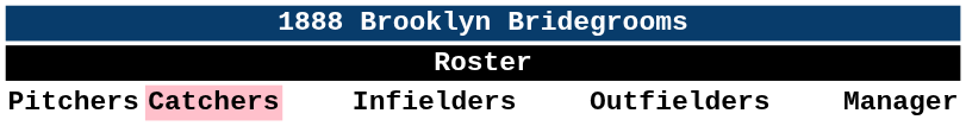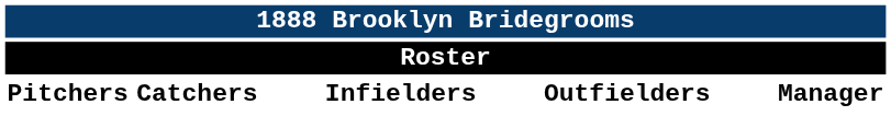 <table class="toccolours" style="font-size: 95%;">
 <tr>
 <th colspan="10" style="background-color: #083c6b; color: white; text-align: center;">1888 Brooklyn Bridegrooms</th>
 </tr>
 <tr>
 <td colspan="10" style="background-color: black; color: white; text-align: center;"><strong>Roster</strong></td>
 </tr>
 <tr>
 <td valign="top"><strong>Pitchers</strong><br>  </td>
-<td valign="top" style="background: pink;"><strong>Catchers</strong><br>   </td>
+<td valign="top"><strong>Catchers</strong><br>   </td>
 <td width="25px"></td>
 <td valign="top"><strong>Infielders</strong><br>      </td>
 <td width="25px"></td>
 <td valign="top"><strong>Outfielders</strong><br>     </td>
 <td width="25px"></td>
 <td valign="top"><strong>Manager</strong><br></td>
 </tr>
 </table>
